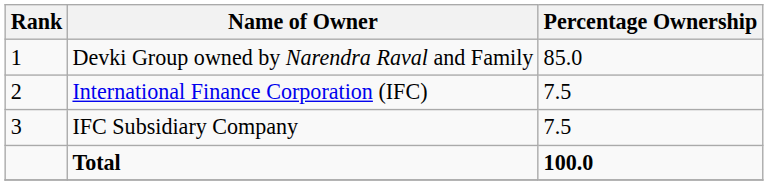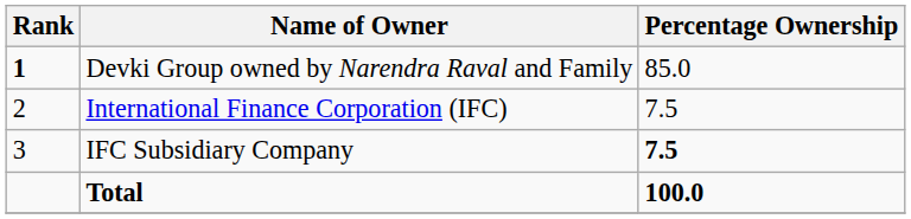 <table class="wikitable sortable" style="margin: 0.5em auto">
 <tr>
 <th>Rank</th>
 <th>Name of Owner</th>
 <th>Percentage Ownership</th>
 </tr>
 <tr>
-<td>1</td>
+<td><strong>1</strong></td>
 <td>Devki Group owned by <em>Narendra Raval</em> and Family</td>
 <td>85.0</td>
 </tr>
 <tr>
 <td>2</td>
 <td><a href='#'>International Finance Corporation</a> (IFC)</td>
 <td>7.5</td>
 </tr>
 <tr>
 <td>3</td>
 <td>IFC Subsidiary Company</td>
-<td>7.5</td>
+<td><strong>7.5</strong></td>
 </tr>
 <tr>
 <td></td>
 <td><strong>Total</strong></td>
 <td><strong>100.0</strong></td>
 </tr>
 <tr>
 </tr>
 </table>
